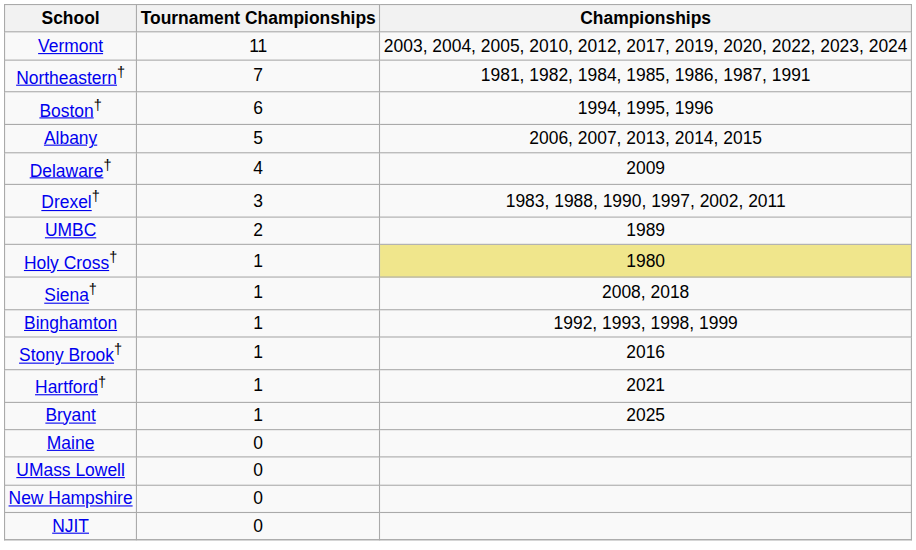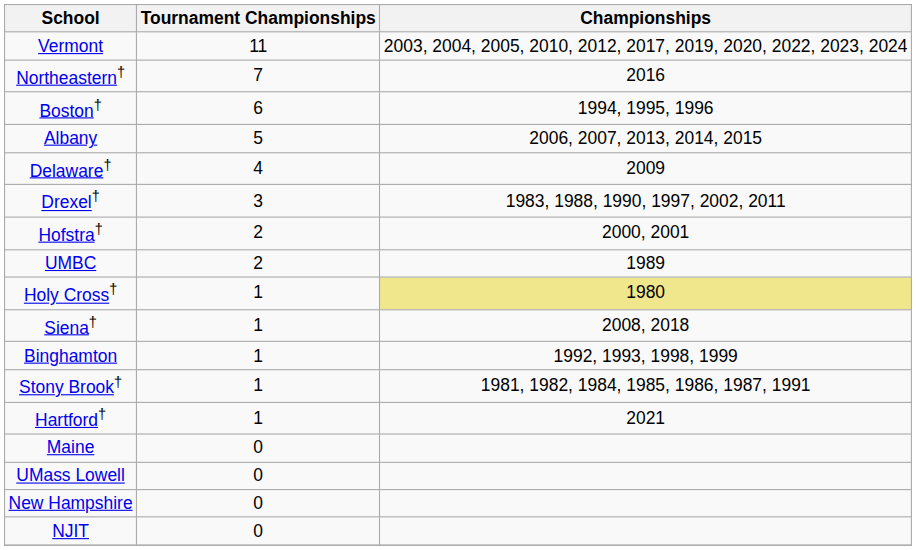 <table class="wikitable sortable" style="text-align:center">
 <tr>
 <th width=px>School</th>
 <th width=px>Tournament Championships</th>
 <th width=px>Championships</th>
 </tr>
 <tr>
 <td><a href='#'>Vermont</a></td>
 <td>11</td>
 <td>2003, 2004, 2005, 2010, 2012, 2017, 2019, 2020, 2022, 2023, 2024</td>
 </tr>
 <tr>
 <td><a href='#'>Northeastern</a><sup>†</sup></td>
 <td>7</td>
-<td>1981, 1982, 1984, 1985, 1986, 1987, 1991</td>
+<td>2016</td>
 </tr>
 <tr>
 <td><a href='#'>Boston</a><sup>†</sup></td>
 <td>6</td>
 <td>1994, 1995, 1996</td>
 </tr>
 <tr>
 <td><a href='#'>Albany</a></td>
 <td>5</td>
 <td>2006, 2007, 2013, 2014, 2015</td>
 </tr>
 <tr>
 <td><a href='#'>Delaware</a><sup>†</sup></td>
 <td>4</td>
 <td>2009</td>
 </tr>
 <tr>
 <td><a href='#'>Drexel</a><sup>†</sup></td>
 <td>3</td>
 <td>1983, 1988, 1990, 1997, 2002, 2011</td>
+</tr>
+<tr>
+<td><a href='#'>Hofstra</a><sup>†</sup></td>
+<td>2</td>
+<td>2000, 2001</td>
 </tr>
 <tr>
 <td><a href='#'>UMBC</a></td>
 <td>2</td>
 <td>1989</td>
 </tr>
 <tr>
 <td><a href='#'>Holy Cross</a><sup>†</sup></td>
 <td>1</td>
 <td style="background: khaki;">1980</td>
 </tr>
 <tr>
 <td><a href='#'>Siena</a><sup>†</sup></td>
 <td>1</td>
 <td>2008, 2018</td>
 </tr>
 <tr>
 <td><a href='#'>Binghamton</a></td>
 <td>1</td>
 <td>1992, 1993, 1998, 1999</td>
 </tr>
 <tr>
 <td><a href='#'>Stony Brook</a><sup>†</sup></td>
 <td>1</td>
-<td>2016</td>
+<td>1981, 1982, 1984, 1985, 1986, 1987, 1991</td>
 </tr>
 <tr>
 <td><a href='#'>Hartford</a><sup>†</sup></td>
 <td>1</td>
 <td>2021</td>
-</tr>
-<tr>
-<td><a href='#'>Bryant</a></td>
-<td>1</td>
-<td>2025</td>
 </tr>
 <tr>
 <td><a href='#'>Maine</a></td>
 <td>0</td>
 <td></td>
 </tr>
 <tr>
 <td><a href='#'>UMass Lowell</a></td>
 <td>0</td>
 <td></td>
 </tr>
 <tr>
 <td><a href='#'>New Hampshire</a></td>
 <td>0</td>
 <td></td>
 </tr>
 <tr>
 <td><a href='#'>NJIT</a></td>
 <td>0</td>
 <td></td>
 </tr>
 <tr>
 </tr>
 </table>
